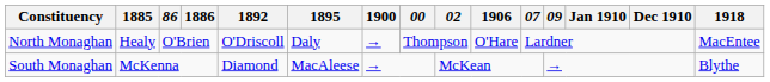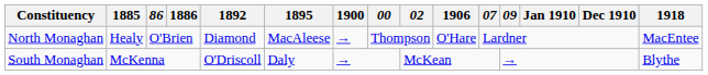 <table class="wikitable">
 <tr>
 <th>Constituency</th>
 <th>1885</th>
 <th><em>86</em></th>
 <th>1886</th>
 <th>1892</th>
 <th>1895</th>
 <th>1900</th>
 <th><em>00</em></th>
 <th><em>02</em></th>
 <th>1906</th>
 <th><em>07</em></th>
 <th><em>09</em></th>
 <th>Jan 1910</th>
 <th>Dec 1910</th>
 <th>1918</th>
 </tr>
 <tr>
 <td><a href='#'>North Monaghan</a></td>
 <td><a href='#'>Healy</a></td>
 <td colspan="2"><a href='#'>O'Brien</a></td>
-<td><a href='#'>O'Driscoll</a></td>
-<td><a href='#'>Daly</a></td>
+<td><a href='#'>Diamond</a></td>
+<td><a href='#'>MacAleese</a></td>
 <td><a href='#'>→</a></td>
 <td colspan="2"><a href='#'>Thompson</a></td>
 <td><a href='#'>O'Hare</a></td>
 <td colspan="4"><a href='#'>Lardner</a></td>
 <td><a href='#'>MacEntee</a></td>
 </tr>
 <tr>
 <td><a href='#'>South Monaghan</a></td>
 <td colspan="3"><a href='#'>McKenna</a></td>
-<td><a href='#'>Diamond</a></td>
-<td><a href='#'>MacAleese</a></td>
+<td><a href='#'>O'Driscoll</a></td>
+<td><a href='#'>Daly</a></td>
 <td colspan="2"><a href='#'>→</a></td>
 <td colspan="3"><a href='#'>McKean</a></td>
 <td colspan="3"><a href='#'>→</a></td>
 <td><a href='#'>Blythe</a></td>
 </tr>
 </table>
